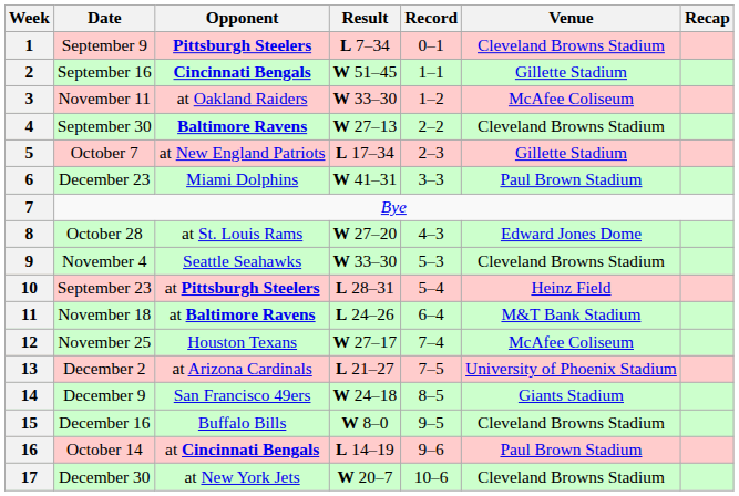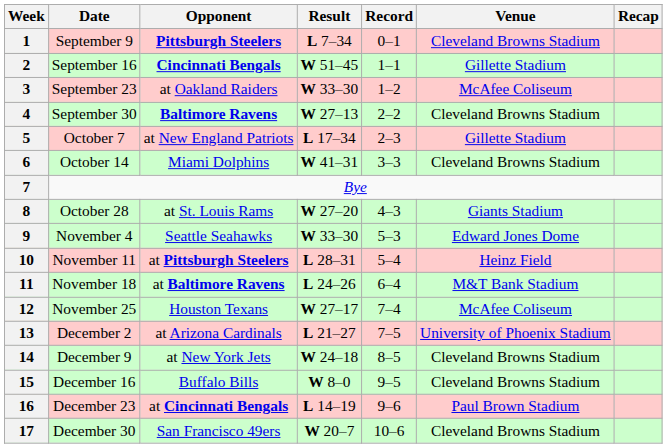 <table class="wikitable" style="text-align:center">
 <tr>
 <th>Week</th>
 <th>Date</th>
 <th>Opponent</th>
 <th>Result</th>
 <th>Record</th>
 <th>Venue</th>
 <th>Recap</th>
 </tr>
 <tr style="background:#fcc">
 <th>1</th>
 <td>September 9</td>
 <td><strong><a href='#'>Pittsburgh Steelers</a></strong></td>
 <td><strong>L</strong>  7–34</td>
 <td>0–1</td>
 <td><a href='#'>Cleveland Browns Stadium</a></td>
 <td></td>
 </tr>
 <tr style="background:#cfc">
 <th>2</th>
 <td>September 16</td>
 <td><strong><a href='#'>Cincinnati Bengals</a></strong></td>
 <td><strong>W</strong> 51–45</td>
 <td>1–1</td>
 <td><a href='#'>Gillette Stadium</a></td>
 <td></td>
 </tr>
 <tr style="background:#fcc">
 <th>3</th>
-<td>November 11</td>
+<td>September 23</td>
 <td>at <a href='#'>Oakland Raiders</a></td>
 <td><strong>W</strong> 33–30 </td>
 <td>1–2</td>
 <td><a href='#'>McAfee Coliseum</a></td>
 <td></td>
 </tr>
 <tr style="background:#cfc">
 <th>4</th>
 <td>September 30</td>
 <td><strong><a href='#'>Baltimore Ravens</a></strong></td>
 <td><strong>W</strong> 27–13</td>
 <td>2–2</td>
 <td>Cleveland Browns Stadium</td>
 <td></td>
 </tr>
 <tr style="background:#fcc">
 <th>5</th>
 <td>October 7</td>
 <td>at <a href='#'>New England Patriots</a></td>
 <td><strong>L</strong> 17–34</td>
 <td>2–3</td>
 <td><a href='#'>Gillette Stadium</a></td>
 <td></td>
 </tr>
 <tr style="background:#cfc">
 <th>6</th>
-<td>December 23</td>
+<td>October 14</td>
 <td><a href='#'>Miami Dolphins</a></td>
 <td><strong>W</strong> 41–31</td>
 <td>3–3</td>
-<td><a href='#'>Paul Brown Stadium</a></td>
+<td>Cleveland Browns Stadium</td>
 <td></td>
 </tr>
 <tr style="background:">
 <th>7</th>
 <td colspan="6"><em><a href='#'>Bye</a></em></td>
 </tr>
 <tr style="background:#cfc">
 <th>8</th>
 <td>October 28</td>
 <td>at <a href='#'>St. Louis Rams</a></td>
 <td><strong>W</strong> 27–20</td>
 <td>4–3</td>
-<td><a href='#'>Edward Jones Dome</a></td>
+<td><a href='#'>Giants Stadium</a></td>
 <td></td>
 </tr>
 <tr style="background:#cfc">
 <th>9</th>
 <td>November 4</td>
 <td><a href='#'>Seattle Seahawks</a></td>
 <td><strong>W</strong> 33–30</td>
 <td>5–3</td>
-<td>Cleveland Browns Stadium</td>
+<td><a href='#'>Edward Jones Dome</a></td>
 <td></td>
 </tr>
 <tr style="background:#fcc">
 <th>10</th>
-<td>September 23</td>
+<td>November 11</td>
 <td>at <strong><a href='#'>Pittsburgh Steelers</a></strong></td>
 <td><strong>L</strong> 28–31</td>
 <td>5–4</td>
 <td><a href='#'>Heinz Field</a></td>
 <td></td>
 </tr>
 <tr style="background:#cfc">
 <th>11</th>
 <td>November 18</td>
 <td>at <strong><a href='#'>Baltimore Ravens</a></strong></td>
 <td><strong>L</strong> 24–26</td>
 <td>6–4</td>
 <td><a href='#'>M&T Bank Stadium</a></td>
 <td></td>
 </tr>
 <tr style="background:#cfc">
 <th>12</th>
 <td>November 25</td>
 <td><a href='#'>Houston Texans</a></td>
 <td><strong>W</strong> 27–17</td>
 <td>7–4</td>
 <td><a href='#'>McAfee Coliseum</a></td>
 <td></td>
 </tr>
 <tr style="background:#fcc">
 <th>13</th>
 <td>December 2</td>
 <td>at  <a href='#'>Arizona Cardinals</a></td>
 <td><strong>L</strong> 21–27</td>
 <td>7–5</td>
 <td><a href='#'>University of Phoenix Stadium</a></td>
 <td></td>
 </tr>
 <tr style="background:#cfc">
 <th>14</th>
 <td>December 9</td>
-<td><a href='#'>San Francisco 49ers</a></td>
+<td>at <a href='#'>New York Jets</a></td>
 <td><strong>W</strong> 24–18</td>
 <td>8–5</td>
-<td><a href='#'>Giants Stadium</a></td>
+<td>Cleveland Browns Stadium</td>
 <td></td>
 </tr>
 <tr style="background:#cfc">
 <th>15</th>
 <td>December 16</td>
 <td><a href='#'>Buffalo Bills</a></td>
 <td><strong>W</strong> 8–0</td>
 <td>9–5</td>
 <td>Cleveland Browns Stadium</td>
 <td></td>
 </tr>
 <tr style="background:#fcc">
 <th>16</th>
-<td>October 14</td>
+<td>December 23</td>
 <td>at <strong><a href='#'>Cincinnati Bengals</a></strong></td>
 <td><strong>L</strong> 14–19</td>
 <td>9–6</td>
 <td><a href='#'>Paul Brown Stadium</a></td>
 <td></td>
 </tr>
 <tr style="background:#cfc">
 <th>17</th>
 <td>December 30</td>
-<td>at <a href='#'>New York Jets</a></td>
+<td><a href='#'>San Francisco 49ers</a></td>
 <td><strong>W</strong> 20–7</td>
 <td>10–6</td>
 <td>Cleveland Browns Stadium</td>
 <td></td>
 </tr>
 </table>
